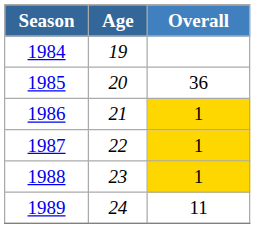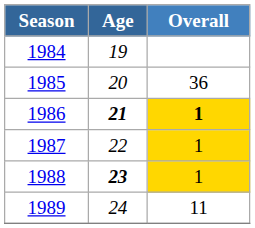 <table class="wikitable" style="font-size:95%; text-align:center; border:grey solid 1px; border-collapse:collapse; background:#ffffff;">
 <tr>
 <th style="background-color:#369; color:white; width:60px;"> Season </th>
 <th style="background-color:#369; color:white; width:40px;"> Age </th>
 <th style="background-color:#4180be; color:white; width:75px;">Overall</th>
 </tr>
 <tr>
 <td><a href='#'>1984</a></td>
 <td><em>19</em></td>
 <td></td>
 </tr>
 <tr>
 <td><a href='#'>1985</a></td>
 <td><em>20</em></td>
 <td>36</td>
 </tr>
 <tr>
 <td><a href='#'>1986</a></td>
-<td><em>21</em></td>
-<td style="background:gold;">1</td>
+<td><strong><em>21</em></strong></td>
+<td style="background:gold;"><strong>1</strong></td>
 </tr>
 <tr>
 <td><a href='#'>1987</a></td>
 <td><em>22</em></td>
 <td style="background:gold;">1</td>
 </tr>
 <tr>
 <td><a href='#'>1988</a></td>
-<td><em>23</em></td>
+<td><strong><em>23</em></strong></td>
 <td style="background:gold;">1</td>
 </tr>
 <tr>
 <td><a href='#'>1989</a></td>
 <td><em>24</em></td>
 <td>11</td>
 </tr>
 <tr>
 </tr>
 </table>
